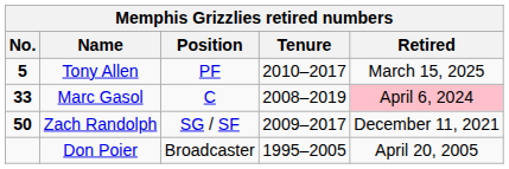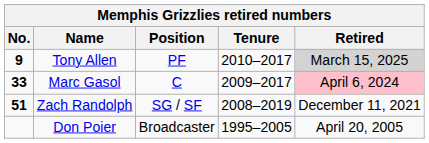 <table class="wikitable" style="text-align:center">
 <tr>
 <th colspan="5">Memphis Grizzlies retired numbers</th>
 </tr>
 <tr>
 <th>No.</th>
 <th>Name</th>
 <th>Position</th>
 <th>Tenure</th>
 <th>Retired</th>
 </tr>
 <tr>
-<td><strong>5</strong></td>
+<td><strong>9</strong></td>
 <td><a href='#'>Tony Allen</a></td>
 <td><a href='#'>PF</a></td>
 <td>2010–2017</td>
-<td>March 15, 2025</td>
+<td style="background: lightgrey;">March 15, 2025</td>
 </tr>
 <tr>
 <td><strong>33</strong></td>
 <td><a href='#'>Marc Gasol</a></td>
 <td><a href='#'>C</a></td>
-<td>2008–2019</td>
+<td>2009–2017</td>
 <td style="background: pink;">April 6, 2024</td>
 </tr>
 <tr>
-<td><strong>50</strong></td>
+<td><strong>51</strong></td>
 <td><a href='#'>Zach Randolph</a></td>
 <td><a href='#'>SG</a> / <a href='#'>SF</a></td>
-<td>2009–2017</td>
+<td>2008–2019</td>
 <td>December 11, 2021</td>
 </tr>
 <tr>
 <td></td>
 <td><a href='#'>Don Poier</a></td>
 <td>Broadcaster</td>
 <td>1995–2005</td>
 <td>April 20, 2005</td>
 </tr>
 </table>
